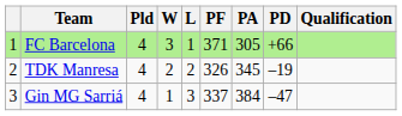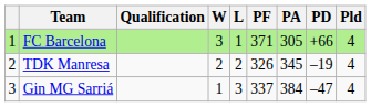 <table class="wikitable" style="text-align:center; display:inline-table;">
 <tr>
 <th></th>
 <th>Team</th>
-<th>Pld</th>
+<th>Qualification</th>
 <th>W</th>
 <th>L</th>
 <th>PF</th>
 <th>PA</th>
 <th>PD</th>
-<th>Qualification</th>
+<th>Pld</th>
 </tr>
 <tr style="background: #B0EE90">
 <td>1</td>
 <td align=left><a href='#'>FC Barcelona</a></td>
-<td>4</td>
+<td></td>
 <td>3</td>
 <td>1</td>
 <td>371</td>
 <td>305</td>
 <td>+66</td>
-<td></td>
+<td>4</td>
 </tr>
 <tr>
 <td>2</td>
 <td align=left><a href='#'>TDK Manresa</a></td>
-<td>4</td>
+<td></td>
 <td>2</td>
 <td>2</td>
 <td>326</td>
 <td>345</td>
 <td>–19</td>
-<td></td>
+<td>4</td>
 </tr>
 <tr>
 <td>3</td>
 <td align=left><a href='#'>Gin MG Sarriá</a></td>
-<td>4</td>
+<td></td>
 <td>1</td>
 <td>3</td>
 <td>337</td>
 <td>384</td>
 <td>–47</td>
-<td></td>
+<td>4</td>
 </tr>
 </table>
